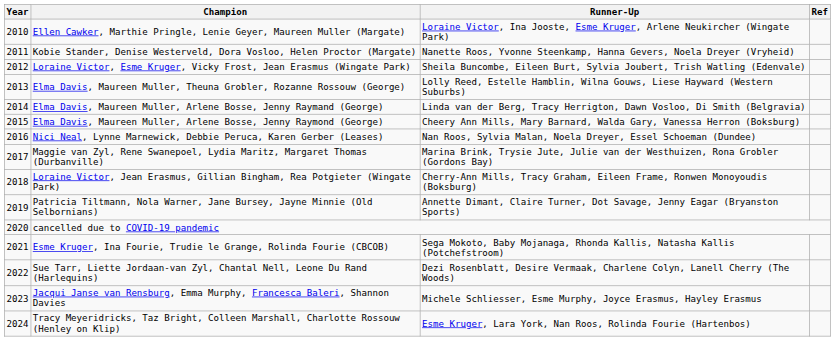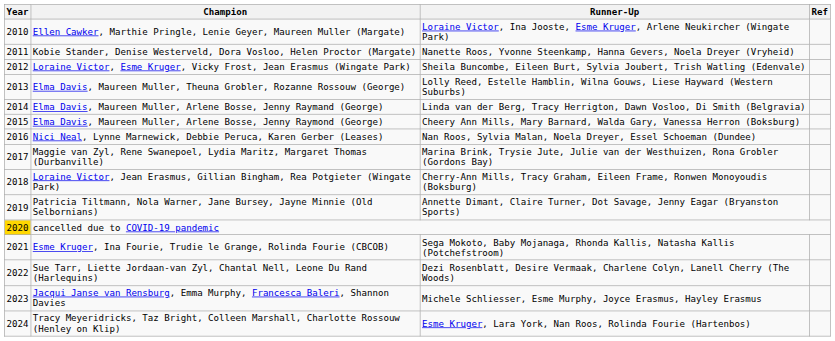 <table class="sortable wikitable">
 <tr>
 <th width="30">Year</th>
 <th width="550">Champion</th>
 <th width="550">Runner-Up</th>
 <th width="20">Ref</th>
 </tr>
 <tr>
 <td align=center>2010</td>
 <td><a href='#'>Ellen Cawker</a>, Marthie Pringle, Lenie Geyer, Maureen Muller (Margate)</td>
 <td><a href='#'>Loraine Victor</a>, Ina Jooste, <a href='#'>Esme Kruger</a>, Arlene Neukircher (Wingate Park)</td>
 <td></td>
 </tr>
 <tr>
 <td align=center>2011</td>
 <td>Kobie Stander, Denise Westerveld, Dora Vosloo, Helen Proctor (Margate)</td>
 <td>Nanette Roos, Yvonne Steenkamp, Hanna Gevers, Noela Dreyer (Vryheid)</td>
 <td></td>
 </tr>
 <tr>
 <td align=center>2012</td>
 <td><a href='#'>Loraine Victor</a>, <a href='#'>Esme Kruger</a>, Vicky Frost, Jean Erasmus (Wingate Park)</td>
 <td>Sheila Buncombe, Eileen Burt, Sylvia Joubert, Trish Watling (Edenvale)</td>
 <td></td>
 </tr>
 <tr>
 <td align=center>2013</td>
 <td><a href='#'>Elma Davis</a>, Maureen Muller, Theuna Grobler, Rozanne Rossouw (George)</td>
 <td>Lolly Reed, Estelle Hamblin, Wilna Gouws, Liese Hayward (Western Suburbs)</td>
 <td></td>
 </tr>
 <tr>
 <td align=center>2014</td>
 <td><a href='#'>Elma Davis</a>, Maureen Muller, Arlene Bosse, Jenny Raymand (George)</td>
 <td>Linda van der Berg, Tracy Herrigton, Dawn Vosloo, Di Smith (Belgravia)</td>
 <td></td>
 </tr>
 <tr>
 <td align=center>2015</td>
 <td><a href='#'>Elma Davis</a>, Maureen Muller, Arlene Bosse, Jenny Raymond (George)</td>
 <td>Cheery Ann Mills, Mary Barnard, Walda Gary, Vanessa Herron (Boksburg)</td>
 <td></td>
 </tr>
 <tr>
 <td align=center>2016</td>
 <td><a href='#'>Nici Neal</a>, Lynne Marnewick, Debbie Peruca, Karen Gerber (Leases)</td>
 <td>Nan Roos, Sylvia Malan, Noela Dreyer, Essel Schoeman (Dundee)</td>
 <td></td>
 </tr>
 <tr>
 <td align=center>2017</td>
 <td>Maggie van Zyl, Rene Swanepoel, Lydia Maritz, Margaret Thomas (Durbanville)</td>
 <td>Marina Brink, Trysie Jute, Julie van der Westhuizen, Rona Grobler (Gordons Bay)</td>
 <td></td>
 </tr>
 <tr>
 <td align=center>2018</td>
 <td><a href='#'>Loraine Victor</a>, Jean Erasmus, Gillian Bingham, Rea Potgieter (Wingate Park)</td>
 <td>Cherry-Ann Mills, Tracy Graham, Eileen Frame, Ronwen Monoyoudis (Boksburg)</td>
 <td></td>
 </tr>
 <tr>
 <td align=center>2019</td>
 <td>Patricia Tiltmann, Nola Warner, Jane Bursey, Jayne Minnie (Old Selbornians)</td>
 <td>Annette Dimant, Claire Turner, Dot Savage, Jenny Eagar (Bryanston Sports)</td>
 <td></td>
 </tr>
 <tr>
-<td align=center>2020</td>
+<td align=center style="background: gold;">2020</td>
 <td colspan=3>cancelled due to  <a href='#'>COVID-19 pandemic</a></td>
 </tr>
 <tr>
 <td align=center>2021</td>
 <td><a href='#'>Esme Kruger</a>, Ina Fourie, Trudie le Grange, Rolinda Fourie (CBCOB)</td>
 <td>Sega Mokoto, Baby Mojanaga, Rhonda Kallis, Natasha Kallis (Potchefstroom)</td>
 <td></td>
 </tr>
 <tr>
 <td align=center>2022</td>
 <td>Sue Tarr, Liette Jordaan-van Zyl, Chantal Nell, Leone Du Rand (Harlequins)</td>
 <td>Dezi Rosenblatt, Desire Vermaak, Charlene Colyn, Lanell Cherry (The Woods)</td>
 <td></td>
 </tr>
 <tr>
 <td align=center>2023</td>
 <td><a href='#'>Jacqui Janse van Rensburg</a>, Emma Murphy, <a href='#'>Francesca Baleri</a>, Shannon Davies</td>
 <td>Michele Schliesser, Esme Murphy, Joyce Erasmus, Hayley Erasmus</td>
 <td></td>
 </tr>
 <tr>
 <td align=center>2024</td>
 <td>Tracy Meyeridricks, Taz Bright, Colleen Marshall, Charlotte Rossouw (Henley on Klip)</td>
 <td><a href='#'>Esme Kruger</a>, Lara York, Nan Roos, Rolinda Fourie (Hartenbos)</td>
 <td></td>
 </tr>
 </table>
